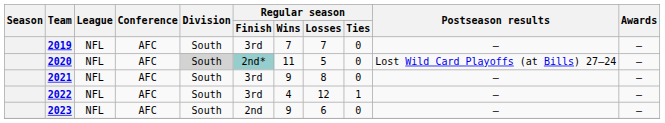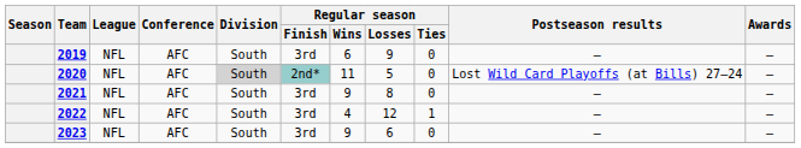 <table class="wikitable plainrowheaders" style="text-align:center;">
 <tr>
 <th scope="col" rowspan="2">Season</th>
 <th scope="col" rowspan="2">Team</th>
 <th scope="col" rowspan="2">League</th>
 <th scope="col" rowspan="2">Conference</th>
 <th scope="col" rowspan="2">Division</th>
 <th scope="colgroup" colspan="4">Regular season</th>
 <th scope="col" rowspan="2">Postseason results</th>
 <th scope="col" rowspan="2">Awards</th>
 </tr>
 <tr>
 <th scope="col">Finish</th>
 <th scope="col">Wins</th>
 <th scope="col">Losses</th>
 <th scope="col">Ties</th>
 </tr>
 <tr>
 <th scope="row"></th>
 <th><a href='#'>2019</a></th>
 <td>NFL</td>
 <td>AFC</td>
 <td>South</td>
 <td>3rd</td>
-<td>7</td>
-<td>7</td>
+<td>6</td>
+<td>9</td>
 <td>0</td>
 <td>—</td>
 <td>—</td>
 </tr>
 <tr>
 <th scope="row"></th>
 <th><a href='#'>2020</a></th>
 <td>NFL</td>
 <td>AFC</td>
 <td style="background: lightgrey;">South</td>
 <td style="background:#96cdcd">2nd*</td>
 <td>11</td>
 <td>5</td>
 <td>0</td>
 <td>Lost <a href='#'>Wild Card Playoffs</a> (at <a href='#'>Bills</a>) 27–24</td>
 <td>—</td>
 </tr>
 <tr>
 <th scope="row"></th>
 <th><a href='#'>2021</a></th>
 <td>NFL</td>
 <td>AFC</td>
 <td>South</td>
 <td>3rd</td>
 <td>9</td>
 <td>8</td>
 <td>0</td>
 <td>—</td>
 <td>—</td>
 </tr>
 <tr>
 <th scope="row"></th>
 <th><a href='#'>2022</a></th>
 <td>NFL</td>
 <td>AFC</td>
 <td>South</td>
 <td>3rd</td>
 <td>4</td>
 <td>12</td>
 <td>1</td>
 <td>—</td>
 <td>—</td>
 </tr>
 <tr>
 <th scope="row"></th>
 <th><a href='#'>2023</a></th>
 <td>NFL</td>
 <td>AFC</td>
 <td>South</td>
-<td>2nd</td>
+<td>3rd</td>
 <td>9</td>
 <td>6</td>
 <td>0</td>
 <td>—</td>
 <td>—</td>
 </tr>
 <tr>
 </tr>
 </table>
